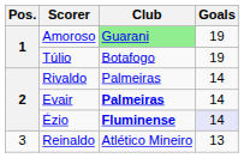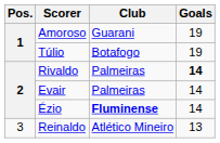 <table class="wikitable" style="text-align:center">
 <tr>
 <th>Pos.</th>
 <th>Scorer</th>
 <th>Club</th>
 <th>Goals</th>
 </tr>
 <tr>
 <th rowspan="2">1</th>
 <td align="left"> <a href='#'>Amoroso</a></td>
-<td align="left" style="background: lightgreen;"><a href='#'>Guarani</a></td>
+<td align="left"><a href='#'>Guarani</a></td>
 <td>19</td>
 </tr>
 <tr>
 <td align="left"> <a href='#'>Túlio</a></td>
 <td align="left"><a href='#'>Botafogo</a></td>
 <td>19</td>
 </tr>
 <tr>
 <th rowspan="3">2</th>
 <td align="left"> <a href='#'>Rivaldo</a></td>
 <td align="left"><a href='#'>Palmeiras</a></td>
-<td>14</td>
+<td><strong>14</strong></td>
 </tr>
 <tr>
 <td align="left"> <a href='#'>Evair</a></td>
-<td align="left"><strong><a href='#'>Palmeiras</a></strong></td>
+<td align="left"><a href='#'>Palmeiras</a></td>
 <td>14</td>
 </tr>
 <tr>
 <td align="left"> <a href='#'>Ézio</a></td>
 <td align="left"><strong><a href='#'>Fluminense</a></strong></td>
-<td style="background: lavender;">14</td>
+<td>14</td>
 </tr>
 <tr>
 <td>3</td>
 <td align="left"> <a href='#'>Reinaldo</a></td>
 <td align="left"><a href='#'>Atlético Mineiro</a></td>
 <td>13</td>
 </tr>
 </table>
